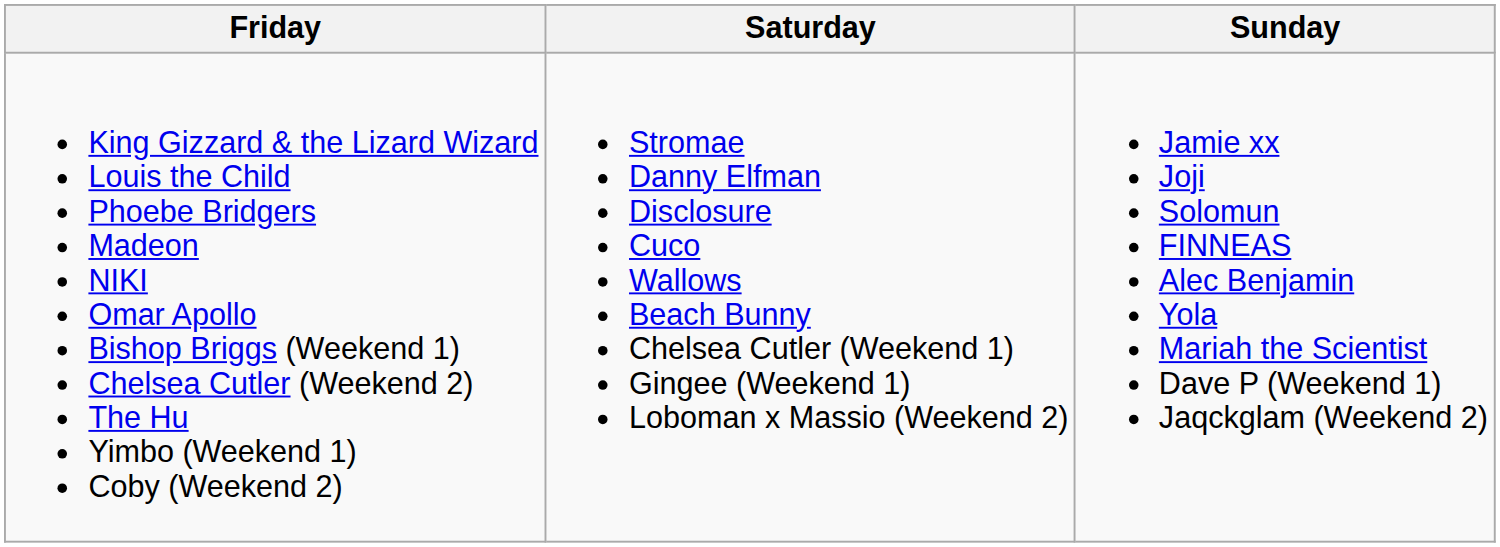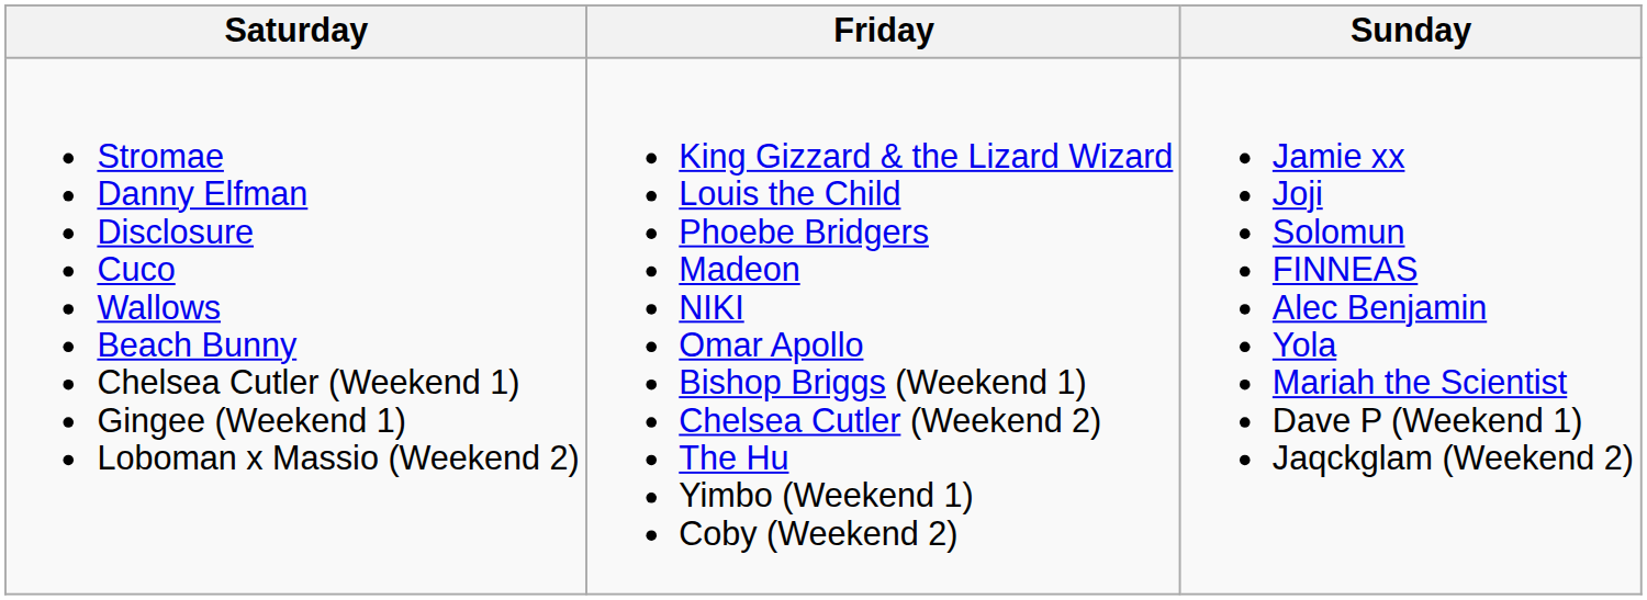 <table class="wikitable">
 <tr>
+<th>Saturday</th>
 <th>Friday</th>
-<th>Saturday</th>
 <th>Sunday</th>
 </tr>
 <tr valign="top">
+<td><br><ul><li><a href='#'>Stromae</a></li><li><a href='#'>Danny Elfman</a></li><li><a href='#'>Disclosure</a></li><li><a href='#'>Cuco</a></li><li><a href='#'>Wallows</a></li><li><a href='#'>Beach Bunny</a></li><li>Chelsea Cutler (Weekend 1)</li><li>Gingee (Weekend 1)</li><li>Loboman x Massio (Weekend 2)</li></ul></td>
 <td><br><ul><li><a href='#'>King Gizzard & the Lizard Wizard</a></li><li><a href='#'>Louis the Child</a></li><li><a href='#'>Phoebe Bridgers</a></li><li><a href='#'>Madeon</a></li><li><a href='#'>NIKI</a></li><li><a href='#'>Omar Apollo</a></li><li><a href='#'>Bishop Briggs</a> (Weekend 1)</li><li><a href='#'>Chelsea Cutler</a> (Weekend 2)</li><li><a href='#'>The Hu</a></li><li>Yimbo (Weekend 1)</li><li>Coby (Weekend 2)</li></ul></td>
-<td><br><ul><li><a href='#'>Stromae</a></li><li><a href='#'>Danny Elfman</a></li><li><a href='#'>Disclosure</a></li><li><a href='#'>Cuco</a></li><li><a href='#'>Wallows</a></li><li><a href='#'>Beach Bunny</a></li><li>Chelsea Cutler (Weekend 1)</li><li>Gingee (Weekend 1)</li><li>Loboman x Massio (Weekend 2)</li></ul></td>
 <td><br><ul><li><a href='#'>Jamie xx</a></li><li><a href='#'>Joji</a></li><li><a href='#'>Solomun</a></li><li><a href='#'>FINNEAS</a></li><li><a href='#'>Alec Benjamin</a></li><li><a href='#'>Yola</a></li><li><a href='#'>Mariah the Scientist</a></li><li>Dave P (Weekend 1)</li><li>Jaqckglam (Weekend 2)</li></ul></td>
 </tr>
 </table>
